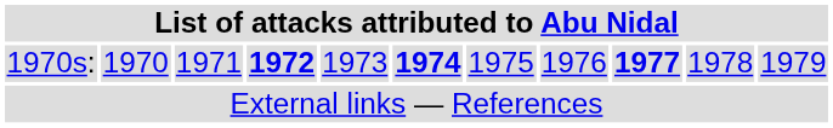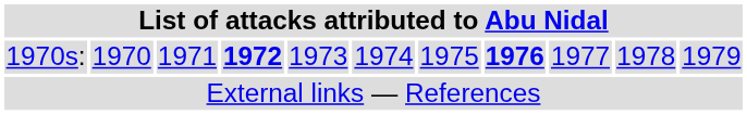 <table>
 <tr>
 <th bgcolor=#dddddd align=center colspan=11>List of attacks attributed to <a href='#'>Abu Nidal</a></th>
 </tr>
 <tr>
 <td ! bgcolor=#dddddd  align=right><a href='#'>1970s</a>:</td>
 <td bgcolor=#dddddd><a href='#'>1970</a></td>
 <td bgcolor=#dddddd><a href='#'>1971</a></td>
 <td bgcolor=#dddddd><strong><a href='#'>1972</a></strong></td>
 <td bgcolor=#dddddd><a href='#'>1973</a></td>
-<td bgcolor=#dddddd><strong><a href='#'>1974</a></strong></td>
+<td bgcolor=#dddddd><a href='#'>1974</a></td>
 <td bgcolor=#dddddd><a href='#'>1975</a></td>
-<td bgcolor=#dddddd><a href='#'>1976</a></td>
-<td bgcolor=#dddddd><strong><a href='#'>1977</a></strong></td>
+<td bgcolor=#dddddd><strong><a href='#'>1976</a></strong></td>
+<td bgcolor=#dddddd><a href='#'>1977</a></td>
 <td bgcolor=#dddddd><a href='#'>1978</a></td>
 <td bgcolor=#dddddd><a href='#'>1979</a></td>
 </tr>
 <tr>
 <td bgcolor=#dddddd align=center colspan=11><a href='#'>External links</a> — <a href='#'>References</a></td>
 </tr>
 </table>
